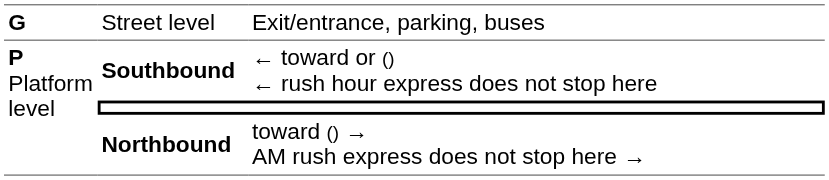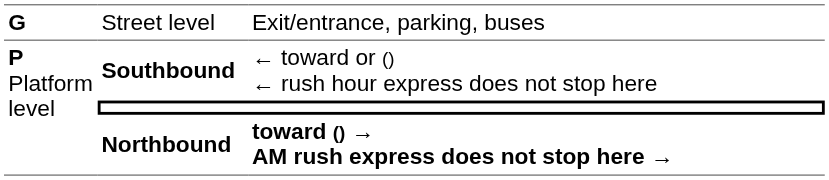 <table table border=0 cellspacing=0 cellpadding=3>
 <tr>
 <td style="border-top:solid 1px gray;" width=50><strong>G</strong></td>
 <td style="border-top:solid 1px gray;" width=100>Street level</td>
 <td style="border-top:solid 1px gray;" width=400>Exit/entrance, parking, buses<br></td>
 </tr>
 <tr>
 <td style="border-top:solid 1px gray;border-bottom:solid 1px gray;" rowspan=3 valign=top><strong>P</strong><br>Platform level</td>
 <td style="border-top:solid 1px gray;"><span><strong>Southbound</strong></span></td>
 <td style="border-top:solid 1px gray;">←  toward  or  <small>()</small><br>←  rush hour express does not stop here</td>
 </tr>
 <tr>
 <td style="border-right:solid 2px black;border-left:solid 2px black;border-bottom:solid 2px black;border-top:solid 2px black;text-align:center;" colspan=2></td>
 </tr>
 <tr>
 <td style="border-bottom:solid 1px gray;"><span><strong>Northbound</strong></span></td>
-<td style="border-bottom:solid 1px gray;">  toward  <small>()</small> →<br>  AM rush express does not stop here →</td>
+<td style="border-bottom:solid 1px gray;"><strong>  toward  <small>()</small> →<br>  AM rush express does not stop here →</strong></td>
 </tr>
 </table>
